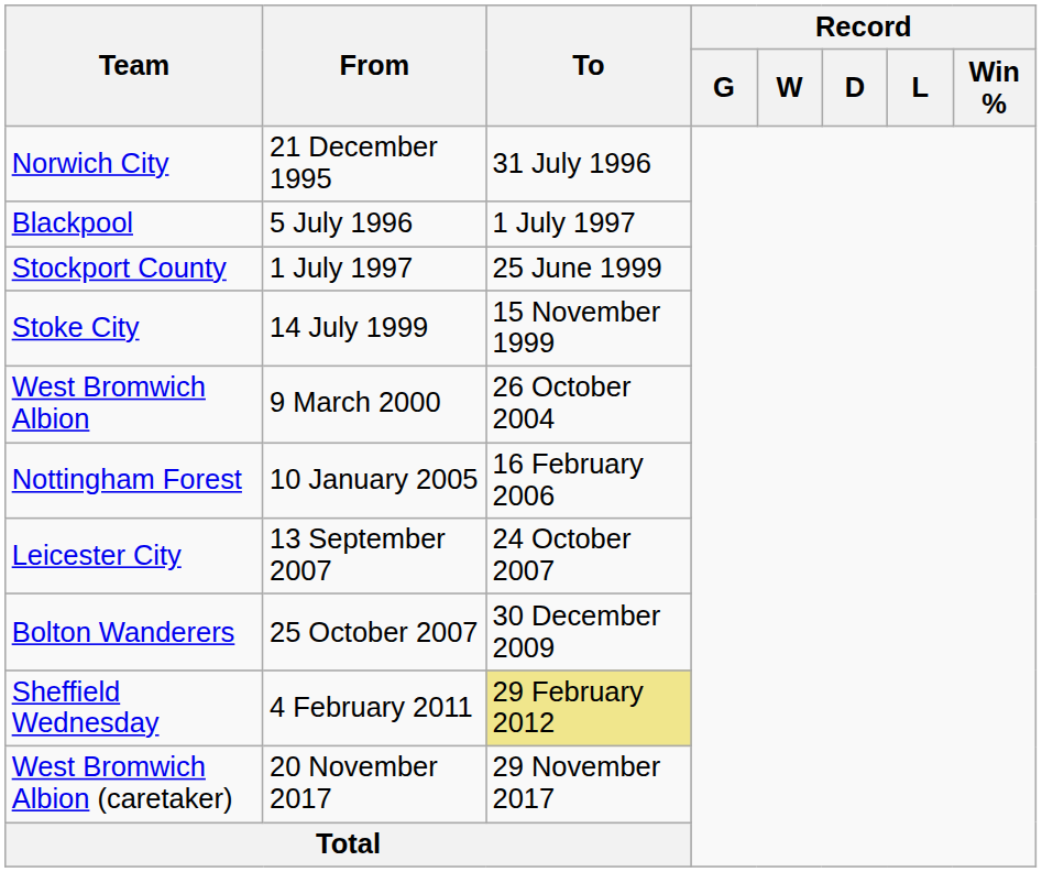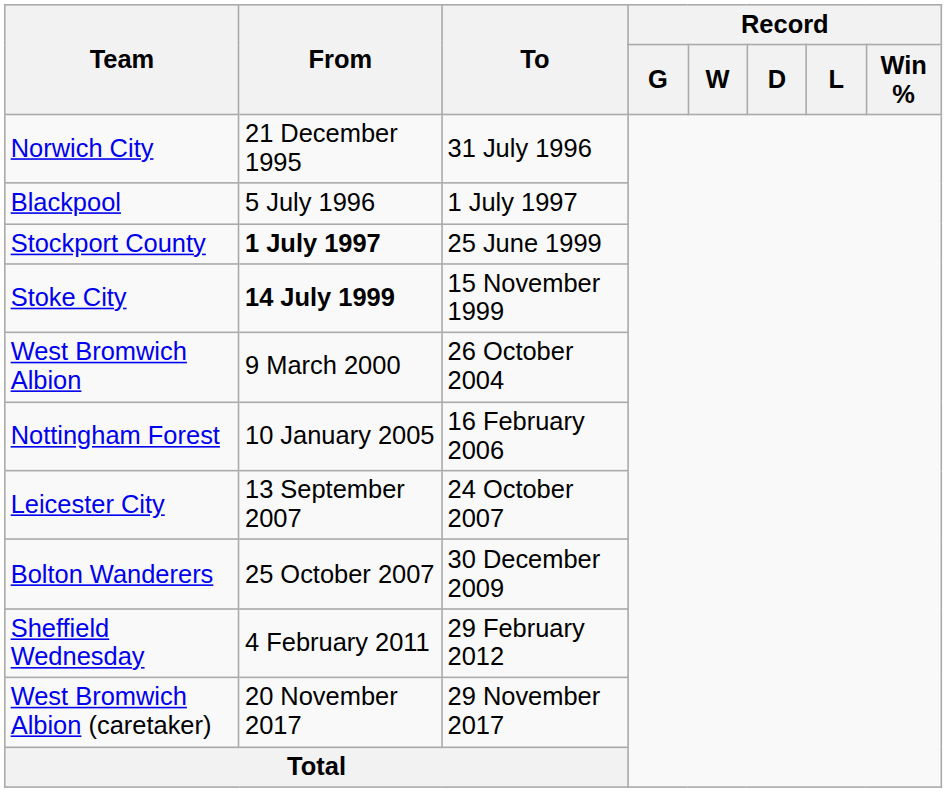 <table class="wikitable" style="text-align: center">
 <tr>
 <th rowspan=2 width=140>Team</th>
 <th rowspan=2 width=120>From</th>
 <th rowspan=2 width=110>To</th>
 <th colspan=5>Record</th>
 </tr>
 <tr>
 <th width=30>G</th>
 <th width=30>W</th>
 <th width=30>D</th>
 <th width=30>L</th>
 <th width=40>Win %</th>
 </tr>
 <tr>
 <td align=left><a href='#'>Norwich City</a></td>
 <td align=left>21 December 1995</td>
 <td align=left>31 July 1996<br></td>
 </tr>
 <tr>
 <td align=left><a href='#'>Blackpool</a></td>
 <td align=left>5 July 1996</td>
 <td align=left>1 July 1997<br></td>
 </tr>
 <tr>
 <td align=left><a href='#'>Stockport County</a></td>
-<td align=left>1 July 1997</td>
+<td align=left><strong>1 July 1997</strong></td>
 <td align=left>25 June 1999<br></td>
 </tr>
 <tr>
 <td align=left><a href='#'>Stoke City</a></td>
-<td align=left>14 July 1999</td>
+<td align=left><strong>14 July 1999</strong></td>
 <td align=left>15 November 1999<br></td>
 </tr>
 <tr>
 <td align=left><a href='#'>West Bromwich Albion</a></td>
 <td align=left>9 March 2000</td>
 <td align=left>26 October 2004<br></td>
 </tr>
 <tr>
 <td align=left><a href='#'>Nottingham Forest</a></td>
 <td align=left>10 January 2005</td>
 <td align=left>16 February 2006<br></td>
 </tr>
 <tr>
 <td align=left><a href='#'>Leicester City</a></td>
 <td align=left>13 September 2007</td>
 <td align=left>24 October 2007<br></td>
 </tr>
 <tr>
 <td align=left><a href='#'>Bolton Wanderers</a></td>
 <td align=left>25 October 2007</td>
 <td align=left>30 December 2009<br></td>
 </tr>
 <tr>
 <td align=left><a href='#'>Sheffield Wednesday</a></td>
 <td align=left>4 February 2011</td>
-<td align=left style="background: khaki;">29 February 2012<br></td>
+<td align=left>29 February 2012<br></td>
 </tr>
 <tr>
 <td align=left><a href='#'>West Bromwich Albion</a> (caretaker)</td>
 <td align=left>20 November 2017</td>
 <td align=left>29 November 2017<br></td>
 </tr>
 <tr>
 <th colspan=3>Total<br></th>
 </tr>
 </table>
